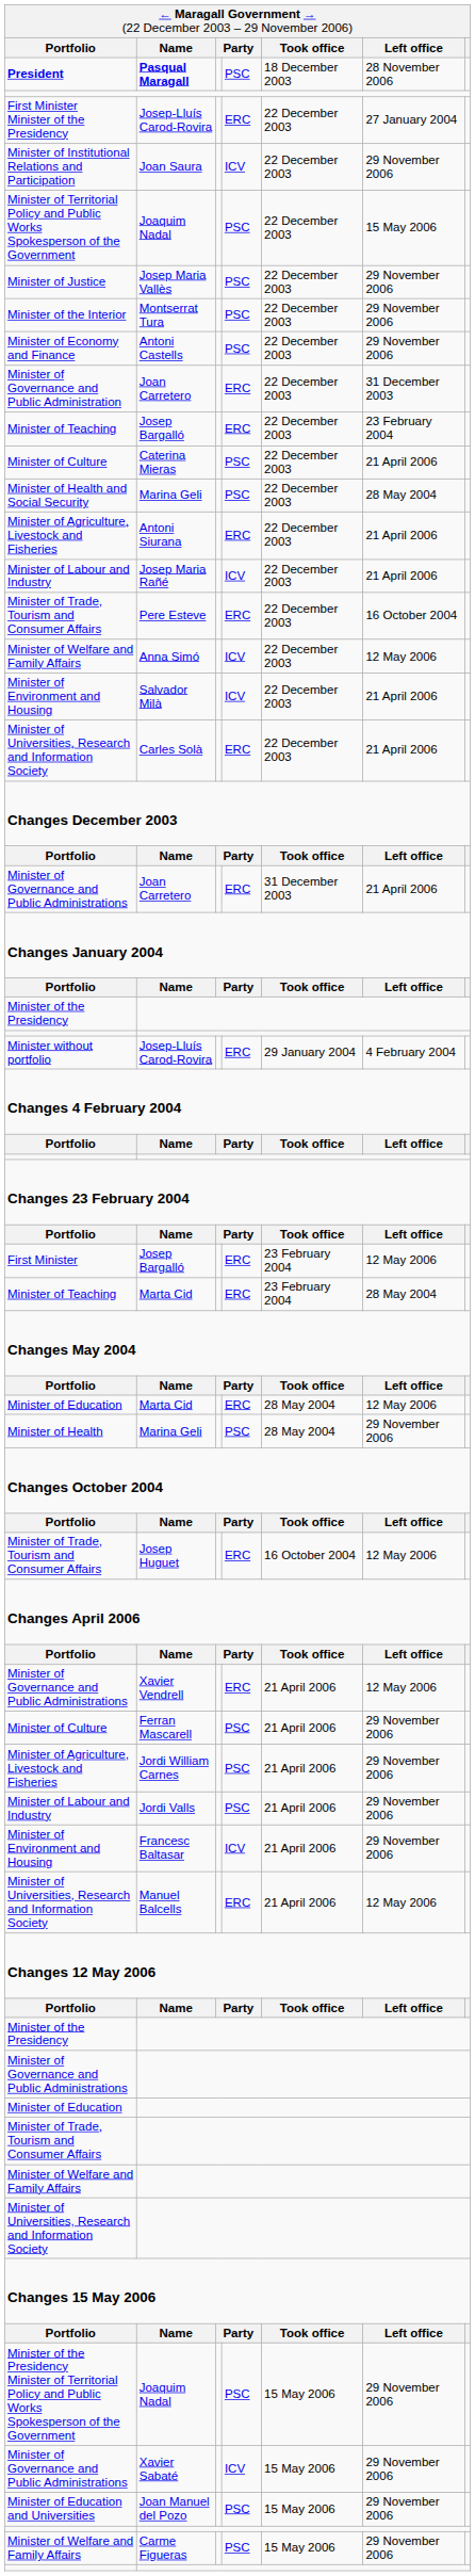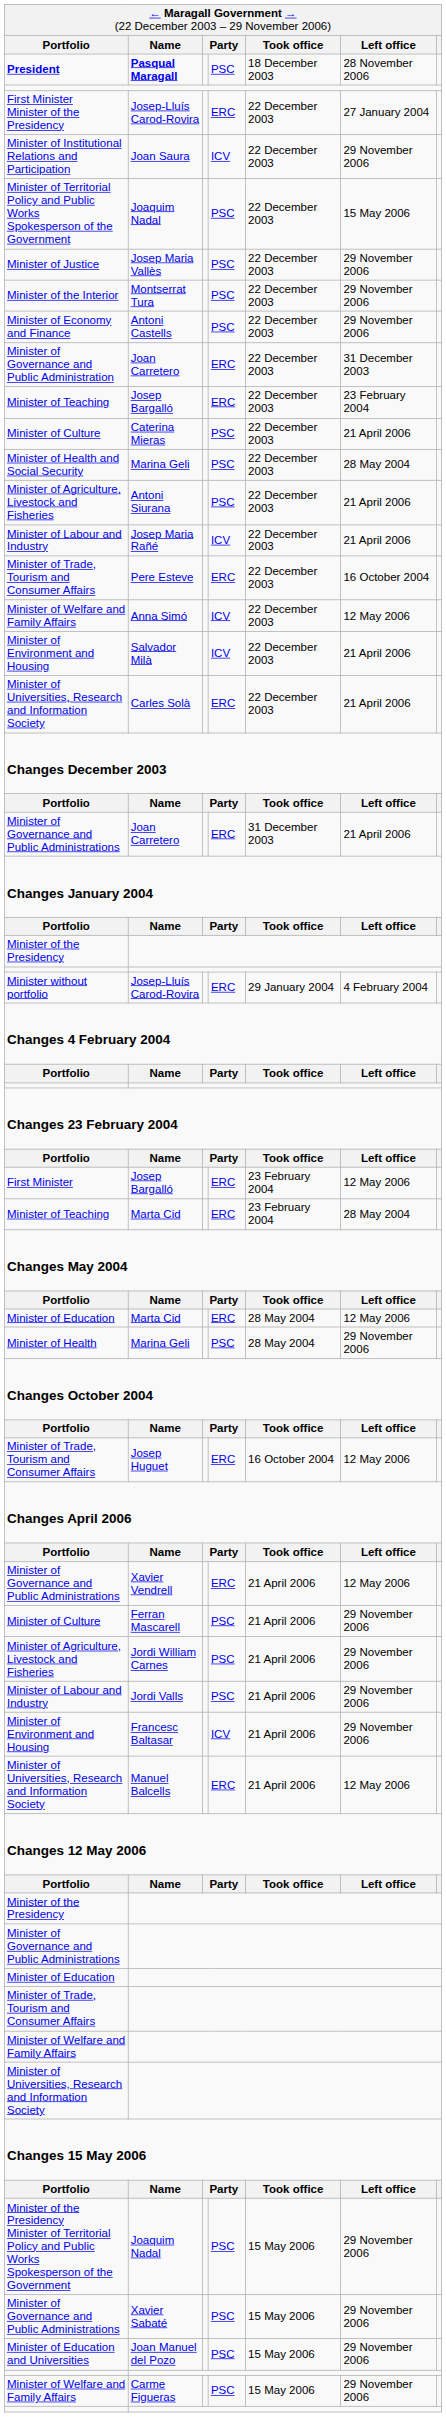 <table class="wikitable">
 <tr>
 <td colspan="7" bgcolor="#F2F2F2" align="center"><a href='#'>←</a> <strong>Maragall Government</strong> <a href='#'>→</a><br>(22 December 2003 – 29 November 2006)</td>
 </tr>
 <tr>
 <th>Portfolio</th>
 <th>Name</th>
 <th width="100px" colspan="2">Party</th>
 <th width="125px">Took office</th>
 <th width="125px">Left office</th>
 <th></th>
 </tr>
 <tr>
 <td><strong><a href='#'>President</a></strong></td>
 <td><strong><a href='#'>Pasqual Maragall</a></strong></td>
 <td width="1" style="background-color:"></td>
 <td><a href='#'>PSC</a></td>
 <td>18 December 2003</td>
 <td>28 November 2006</td>
 <td align="center"></td>
 </tr>
 <tr>
 <td colspan="7"></td>
 </tr>
 <tr>
 <td><a href='#'>First Minister</a><br><a href='#'>Minister of the Presidency</a></td>
 <td><a href='#'>Josep-Lluís Carod-Rovira</a></td>
 <td style="background-color:"></td>
 <td><a href='#'>ERC</a></td>
 <td>22 December 2003</td>
 <td>27 January 2004</td>
 <td align="center"></td>
 </tr>
 <tr>
 <td><a href='#'>Minister of Institutional Relations and Participation</a></td>
 <td><a href='#'>Joan Saura</a></td>
 <td style="background-color:"></td>
 <td><a href='#'>ICV</a></td>
 <td>22 December 2003</td>
 <td>29 November 2006</td>
 <td align="center"></td>
 </tr>
 <tr>
 <td><a href='#'>Minister of Territorial Policy and Public Works</a><br><a href='#'>Spokesperson of the Government</a></td>
 <td><a href='#'>Joaquim Nadal</a></td>
 <td style="background-color:"></td>
 <td><a href='#'>PSC</a></td>
 <td>22 December 2003</td>
 <td>15 May 2006</td>
 <td align="center"></td>
 </tr>
 <tr>
 <td><a href='#'>Minister of Justice</a></td>
 <td><a href='#'>Josep Maria Vallès</a></td>
 <td style="background-color:"></td>
 <td><a href='#'>PSC</a> </td>
 <td>22 December 2003</td>
 <td>29 November 2006</td>
 <td align="center"></td>
 </tr>
 <tr>
 <td><a href='#'>Minister of the Interior</a></td>
 <td><a href='#'>Montserrat Tura</a></td>
 <td style="background-color:"></td>
 <td><a href='#'>PSC</a></td>
 <td>22 December 2003</td>
 <td>29 November 2006</td>
 <td align="center"></td>
 </tr>
 <tr>
 <td><a href='#'>Minister of Economy and Finance</a></td>
 <td><a href='#'>Antoni Castells</a></td>
 <td style="background-color:"></td>
 <td><a href='#'>PSC</a></td>
 <td>22 December 2003</td>
 <td>29 November 2006</td>
 <td align="center"></td>
 </tr>
 <tr>
 <td><a href='#'>Minister of Governance and Public Administration</a></td>
 <td><a href='#'>Joan Carretero</a></td>
 <td style="background-color:"></td>
 <td><a href='#'>ERC</a></td>
 <td>22 December 2003</td>
 <td>31 December 2003</td>
 <td align="center"></td>
 </tr>
 <tr>
 <td><a href='#'>Minister of Teaching</a></td>
 <td><a href='#'>Josep Bargalló</a></td>
 <td style="background-color:"></td>
 <td><a href='#'>ERC</a></td>
 <td>22 December 2003</td>
 <td>23 February 2004</td>
 <td align="center"></td>
 </tr>
 <tr>
 <td><a href='#'>Minister of Culture</a></td>
 <td><a href='#'>Caterina Mieras</a></td>
 <td style="background-color:"></td>
 <td><a href='#'>PSC</a></td>
 <td>22 December 2003</td>
 <td>21 April 2006</td>
 <td align="center"></td>
 </tr>
 <tr>
 <td><a href='#'>Minister of Health and Social Security</a></td>
 <td><a href='#'>Marina Geli</a></td>
 <td style="background-color:"></td>
 <td><a href='#'>PSC</a></td>
 <td>22 December 2003</td>
 <td>28 May 2004</td>
 <td align="center"></td>
 </tr>
 <tr>
 <td><a href='#'>Minister of Agriculture, Livestock and Fisheries</a></td>
 <td><a href='#'>Antoni Siurana</a></td>
 <td style="background-color:"></td>
-<td><a href='#'>ERC</a></td>
+<td><a href='#'>PSC</a></td>
 <td>22 December 2003</td>
 <td>21 April 2006</td>
 <td align="center"></td>
 </tr>
 <tr>
 <td><a href='#'>Minister of Labour and Industry</a></td>
 <td><a href='#'>Josep Maria Rañé</a></td>
 <td style="background-color:"></td>
 <td><a href='#'>ICV</a></td>
 <td>22 December 2003</td>
 <td>21 April 2006</td>
 <td align="center"></td>
 </tr>
 <tr>
 <td><a href='#'>Minister of Trade, Tourism and Consumer Affairs</a></td>
 <td><a href='#'>Pere Esteve</a></td>
 <td style="background-color:"></td>
 <td><a href='#'>ERC</a></td>
 <td>22 December 2003</td>
 <td>16 October 2004</td>
 <td align="center"></td>
 </tr>
 <tr>
 <td><a href='#'>Minister of Welfare and Family Affairs</a></td>
 <td><a href='#'>Anna Simó</a></td>
 <td style="background-color:"></td>
 <td><a href='#'>ICV</a></td>
 <td>22 December 2003</td>
 <td>12 May 2006</td>
 <td align="center"></td>
 </tr>
 <tr>
 <td><a href='#'>Minister of Environment and Housing</a></td>
 <td><a href='#'>Salvador Milà</a></td>
 <td style="background-color:"></td>
 <td><a href='#'>ICV</a></td>
 <td>22 December 2003</td>
 <td>21 April 2006</td>
 <td align="center"></td>
 </tr>
 <tr>
 <td><a href='#'>Minister of Universities, Research and Information Society</a></td>
 <td><a href='#'>Carles Solà</a></td>
 <td style="background-color:"></td>
 <td><a href='#'>ERC</a> </td>
 <td>22 December 2003</td>
 <td>21 April 2006</td>
 <td align="center"></td>
 </tr>
 <tr>
 <td colspan="7"><br><h3>Changes December 2003</h3></td>
 </tr>
 <tr>
 <th>Portfolio</th>
 <th>Name</th>
 <th colspan="2">Party</th>
 <th>Took office</th>
 <th>Left office</th>
 <th></th>
 </tr>
 <tr>
 <td><a href='#'>Minister of Governance and Public Administrations</a></td>
 <td><a href='#'>Joan Carretero</a></td>
 <td style="background-color:"></td>
 <td><a href='#'>ERC</a></td>
 <td>31 December 2003</td>
 <td>21 April 2006</td>
 <td align="center"></td>
 </tr>
 <tr>
 <td colspan="7"><br><h3>Changes January 2004</h3></td>
 </tr>
 <tr>
 <th>Portfolio</th>
 <th>Name</th>
 <th colspan="2">Party</th>
 <th>Took office</th>
 <th>Left office</th>
 <th></th>
 </tr>
 <tr>
 <td><a href='#'>Minister of the Presidency</a></td>
 <td colspan="6"></td>
 </tr>
 <tr>
 <td></td>
 <td colspan="6"></td>
 </tr>
 <tr>
 <td><a href='#'>Minister without portfolio</a></td>
 <td><a href='#'>Josep-Lluís Carod-Rovira</a></td>
 <td style="background-color:"></td>
 <td><a href='#'>ERC</a></td>
 <td>29 January 2004</td>
 <td>4 February 2004</td>
 <td align="center"></td>
 </tr>
 <tr>
 <td colspan="7"><br><h3>Changes 4 February 2004</h3></td>
 </tr>
 <tr>
 <th>Portfolio</th>
 <th>Name</th>
 <th colspan="2">Party</th>
 <th>Took office</th>
 <th>Left office</th>
 <th></th>
 </tr>
 <tr>
 <td></td>
 <td colspan="6"></td>
 </tr>
 <tr>
 <td colspan="7"><br><h3>Changes 23 February 2004</h3></td>
 </tr>
 <tr>
 <th>Portfolio</th>
 <th>Name</th>
 <th colspan="2">Party</th>
 <th>Took office</th>
 <th>Left office</th>
 <th></th>
 </tr>
 <tr>
 <td><a href='#'>First Minister</a></td>
 <td><a href='#'>Josep Bargalló</a></td>
 <td style="background-color:"></td>
 <td><a href='#'>ERC</a></td>
 <td>23 February 2004</td>
 <td>12 May 2006</td>
 <td align="center"></td>
 </tr>
 <tr>
 <td><a href='#'>Minister of Teaching</a></td>
 <td><a href='#'>Marta Cid</a></td>
 <td style="background-color:"></td>
 <td><a href='#'>ERC</a></td>
 <td>23 February 2004</td>
 <td>28 May 2004</td>
 <td align="center"></td>
 </tr>
 <tr>
 <td colspan="7"><br><h3>Changes May 2004</h3></td>
 </tr>
 <tr>
 <th>Portfolio</th>
 <th>Name</th>
 <th colspan="2">Party</th>
 <th>Took office</th>
 <th>Left office</th>
 <th></th>
 </tr>
 <tr>
 <td><a href='#'>Minister of Education</a></td>
 <td><a href='#'>Marta Cid</a></td>
 <td style="background-color:"></td>
 <td><a href='#'>ERC</a></td>
 <td>28 May 2004</td>
 <td>12 May 2006</td>
 <td align="center"></td>
 </tr>
 <tr>
 <td><a href='#'>Minister of Health</a></td>
 <td><a href='#'>Marina Geli</a></td>
 <td style="background-color:"></td>
 <td><a href='#'>PSC</a></td>
 <td>28 May 2004</td>
 <td>29 November 2006</td>
 <td align="center"></td>
 </tr>
 <tr>
 <td colspan="7"><br><h3>Changes October 2004</h3></td>
 </tr>
 <tr>
 <th>Portfolio</th>
 <th>Name</th>
 <th colspan="2">Party</th>
 <th>Took office</th>
 <th>Left office</th>
 <th></th>
 </tr>
 <tr>
 <td><a href='#'>Minister of Trade, Tourism and Consumer Affairs</a></td>
 <td><a href='#'>Josep Huguet</a></td>
 <td style="background-color:"></td>
 <td><a href='#'>ERC</a></td>
 <td>16 October 2004</td>
 <td>12 May 2006</td>
 <td align="center"></td>
 </tr>
 <tr>
 <td colspan="7"><br><h3>Changes April 2006</h3></td>
 </tr>
 <tr>
 <th>Portfolio</th>
 <th>Name</th>
 <th colspan="2">Party</th>
 <th>Took office</th>
 <th>Left office</th>
 <th></th>
 </tr>
 <tr>
 <td><a href='#'>Minister of Governance and Public Administrations</a></td>
 <td><a href='#'>Xavier Vendrell</a></td>
 <td style="background-color:"></td>
 <td><a href='#'>ERC</a></td>
 <td>21 April 2006</td>
 <td>12 May 2006</td>
 <td align="center"></td>
 </tr>
 <tr>
 <td><a href='#'>Minister of Culture</a></td>
 <td><a href='#'>Ferran Mascarell</a></td>
 <td style="background-color:"></td>
 <td><a href='#'>PSC</a></td>
 <td>21 April 2006</td>
 <td>29 November 2006</td>
 <td align="center"></td>
 </tr>
 <tr>
 <td><a href='#'>Minister of Agriculture, Livestock and Fisheries</a></td>
 <td><a href='#'>Jordi William Carnes</a></td>
 <td style="background-color:"></td>
 <td><a href='#'>PSC</a></td>
 <td>21 April 2006</td>
 <td>29 November 2006</td>
 <td align="center"></td>
 </tr>
 <tr>
 <td><a href='#'>Minister of Labour and Industry</a></td>
 <td><a href='#'>Jordi Valls</a></td>
 <td style="background-color:"></td>
 <td><a href='#'>PSC</a></td>
 <td>21 April 2006</td>
 <td>29 November 2006</td>
 <td align="center"></td>
 </tr>
 <tr>
 <td><a href='#'>Minister of Environment and Housing</a></td>
 <td><a href='#'>Francesc Baltasar</a></td>
 <td style="background-color:"></td>
 <td><a href='#'>ICV</a></td>
 <td>21 April 2006</td>
 <td>29 November 2006</td>
 <td align="center"></td>
 </tr>
 <tr>
 <td><a href='#'>Minister of Universities, Research and Information Society</a></td>
 <td><a href='#'>Manuel Balcells</a></td>
 <td style="background-color:"></td>
 <td><a href='#'>ERC</a></td>
 <td>21 April 2006</td>
 <td>12 May 2006</td>
 <td align="center"></td>
 </tr>
 <tr>
 <td colspan="7"><br><h3>Changes 12 May 2006</h3></td>
 </tr>
 <tr>
 <th>Portfolio</th>
 <th>Name</th>
 <th colspan="2">Party</th>
 <th>Took office</th>
 <th>Left office</th>
 <th></th>
 </tr>
 <tr>
 <td><a href='#'>Minister of the Presidency</a></td>
 <td colspan="6"></td>
 </tr>
 <tr>
 <td><a href='#'>Minister of Governance and Public Administrations</a></td>
 <td colspan="6"></td>
 </tr>
 <tr>
 <td><a href='#'>Minister of Education</a></td>
 <td colspan="6"></td>
 </tr>
 <tr>
 <td><a href='#'>Minister of Trade, Tourism and Consumer Affairs</a></td>
 <td colspan="6"></td>
 </tr>
 <tr>
 <td><a href='#'>Minister of Welfare and Family Affairs</a></td>
 <td colspan="6"></td>
 </tr>
 <tr>
 <td><a href='#'>Minister of Universities, Research and Information Society</a></td>
 <td colspan="6"></td>
 </tr>
 <tr>
 <td colspan="7"><br><h3>Changes 15 May 2006</h3></td>
 </tr>
 <tr>
 <th>Portfolio</th>
 <th>Name</th>
 <th colspan="2">Party</th>
 <th>Took office</th>
 <th>Left office</th>
 <th></th>
 </tr>
 <tr>
 <td><a href='#'>Minister of the Presidency</a><br><a href='#'>Minister of Territorial Policy and Public Works</a><br><a href='#'>Spokesperson of the Government</a></td>
 <td><a href='#'>Joaquim Nadal</a></td>
 <td style="background-color:"></td>
 <td><a href='#'>PSC</a></td>
 <td>15 May 2006</td>
 <td>29 November 2006</td>
 <td align="center"></td>
 </tr>
 <tr>
 <td><a href='#'>Minister of Governance and Public Administrations</a></td>
 <td><a href='#'>Xavier Sabaté</a></td>
 <td style="background-color:"></td>
-<td><a href='#'>ICV</a></td>
+<td><a href='#'>PSC</a></td>
 <td>15 May 2006</td>
 <td>29 November 2006</td>
 <td align="center"></td>
 </tr>
 <tr>
 <td><a href='#'>Minister of Education and Universities</a></td>
 <td><a href='#'>Joan Manuel del Pozo</a></td>
 <td style="background-color:"></td>
 <td><a href='#'>PSC</a></td>
 <td>15 May 2006</td>
 <td>29 November 2006</td>
 <td align="center"></td>
 </tr>
 <tr>
 <td></td>
 <td colspan="6"></td>
 </tr>
 <tr>
 <td><a href='#'>Minister of Welfare and Family Affairs</a></td>
 <td><a href='#'>Carme Figueras</a></td>
 <td style="background-color:"></td>
 <td><a href='#'>PSC</a></td>
 <td>15 May 2006</td>
 <td>29 November 2006</td>
 <td align="center"></td>
 </tr>
 <tr>
 <td></td>
 <td colspan="6"></td>
 </tr>
 </table>
